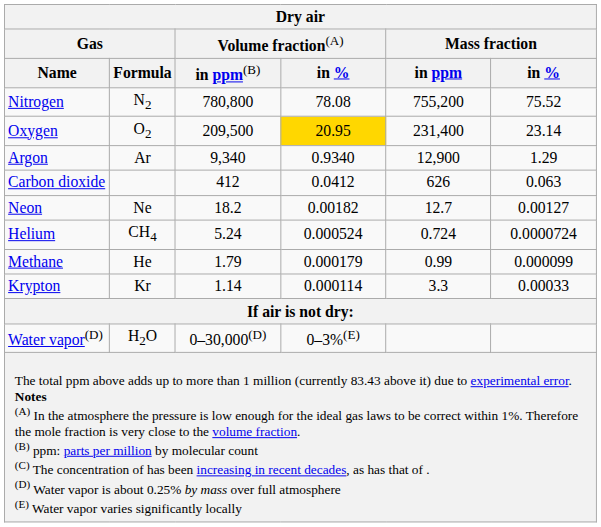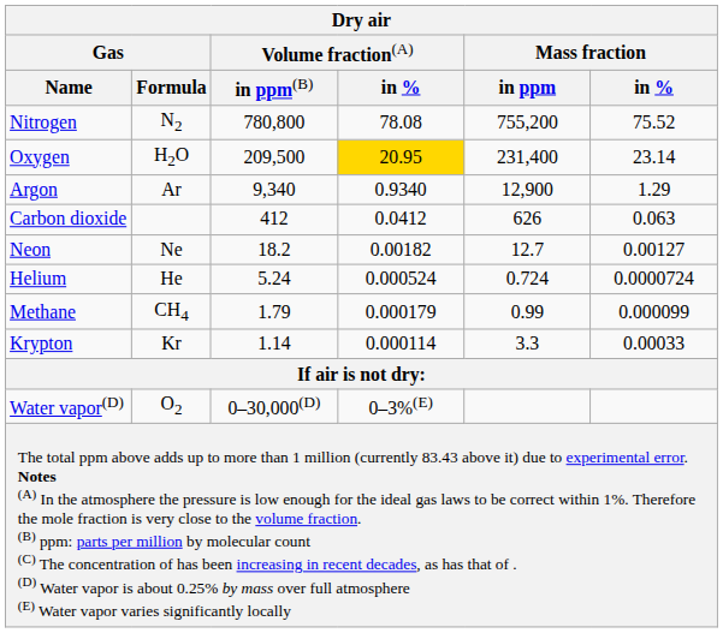 <table class="wikitable" style="text-align: center;">
 <tr>
 <th colspan=6>Dry air</th>
 </tr>
 <tr>
 <th colspan=2>Gas</th>
 <th colspan=2 style="font-weight: normal;"><strong>Volume fraction</strong><sup>(A)</sup></th>
 <th colspan=2 style="font-weight: normal;"><strong>Mass fraction</strong></th>
 </tr>
 <tr>
 <th style="width: 100px;">Name</th>
 <th style="width:  50px;">Formula</th>
 <th style="width: 100px; font-weight: normal;"><strong>in <a href='#'>ppm</a></strong><sup>(B)</sup></th>
 <th style="width: 100px;">in <a href='#'>%</a></th>
 <th style="width: 100px; font-weight: normal;"><strong>in <a href='#'>ppm</a></strong></th>
 <th style="width: 100px;">in <a href='#'>%</a></th>
 </tr>
 <tr>
 <td align=left><a href='#'>Nitrogen</a></td>
 <td>N<sub>2</sub></td>
 <td>780,800</td>
 <td>78.08</td>
 <td>755,200</td>
 <td>75.52</td>
 </tr>
 <tr>
 <td align=left><a href='#'>Oxygen</a></td>
-<td>O<sub>2</sub></td>
+<td>H<sub>2</sub>O</td>
 <td>209,500</td>
 <td style="background: gold;">20.95</td>
 <td>231,400</td>
 <td>23.14</td>
 </tr>
 <tr>
 <td align=left><a href='#'>Argon</a></td>
 <td>Ar</td>
 <td>9,340</td>
 <td>0.9340</td>
 <td>12,900</td>
 <td>1.29</td>
 </tr>
 <tr>
 <td align=left><a href='#'>Carbon&nbsp;dioxide</a></td>
 <td></td>
 <td>412</td>
 <td>0.0412</td>
 <td>626</td>
 <td>0.063</td>
 </tr>
 <tr>
 <td align=left><a href='#'>Neon</a></td>
 <td>Ne</td>
 <td>18.2</td>
 <td>0.00182</td>
 <td>12.7</td>
 <td>0.00127</td>
 </tr>
 <tr>
 <td align=left><a href='#'>Helium</a></td>
-<td>CH<sub>4</sub></td>
+<td>He</td>
 <td>5.24</td>
 <td>0.000524</td>
 <td>0.724</td>
 <td>0.0000724</td>
 </tr>
 <tr>
 <td align=left><a href='#'>Methane</a></td>
-<td>He</td>
+<td>CH<sub>4</sub></td>
 <td>1.79</td>
 <td>0.000179</td>
 <td>0.99</td>
 <td>0.000099</td>
 </tr>
 <tr>
 <td align=left><a href='#'>Krypton</a></td>
 <td>Kr</td>
 <td>1.14</td>
 <td>0.000114</td>
 <td>3.3</td>
 <td>0.00033</td>
 </tr>
 <tr>
 <th colspan=6>If air is not dry:</th>
 </tr>
 <tr>
 <td align=left><a href='#'>Water vapor</a><sup>(D)</sup></td>
-<td>H<sub>2</sub>O</td>
+<td>O<sub>2</sub></td>
 <td>0–30,000<sup>(D)</sup></td>
 <td>0–3%<sup>(E)</sup></td>
 <td></td>
 <td></td>
 </tr>
 <tr>
 <th colspan=6 style="font-size: 0.85em; padding: 5px 2px 5px 10px; text-align: left; font-weight: normal;"><br>The total ppm above adds up to more than 1 million (currently 83.43 above it) due to <a href='#'>experimental error</a>.<br> <strong>Notes</strong><br> <sup>(A)</sup> In the atmosphere the pressure is low enough for the ideal gas laws to be correct within 1%. Therefore the mole fraction is very close to the <a href='#'>volume fraction</a>.<br> <sup>(B)</sup> ppm: <a href='#'>parts per million</a> by molecular count<br> <sup>(C)</sup> The concentration of  has been <a href='#'>increasing in recent decades</a>, as has that of .<br> <sup>(D)</sup> Water vapor is about 0.25% <em>by mass</em> over full atmosphere<br> <sup>(E)</sup> Water vapor varies significantly locally</th>
 </tr>
 </table>
